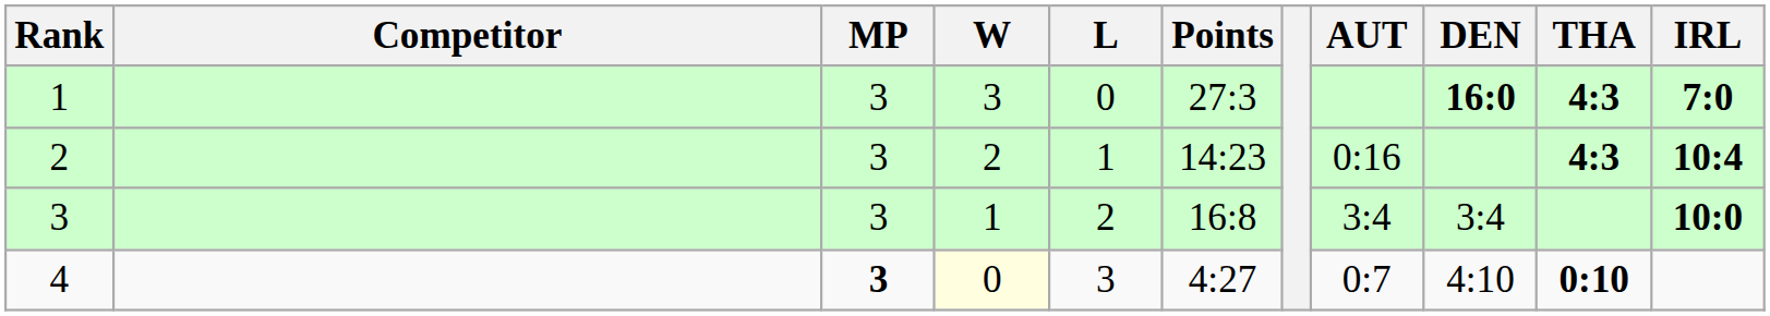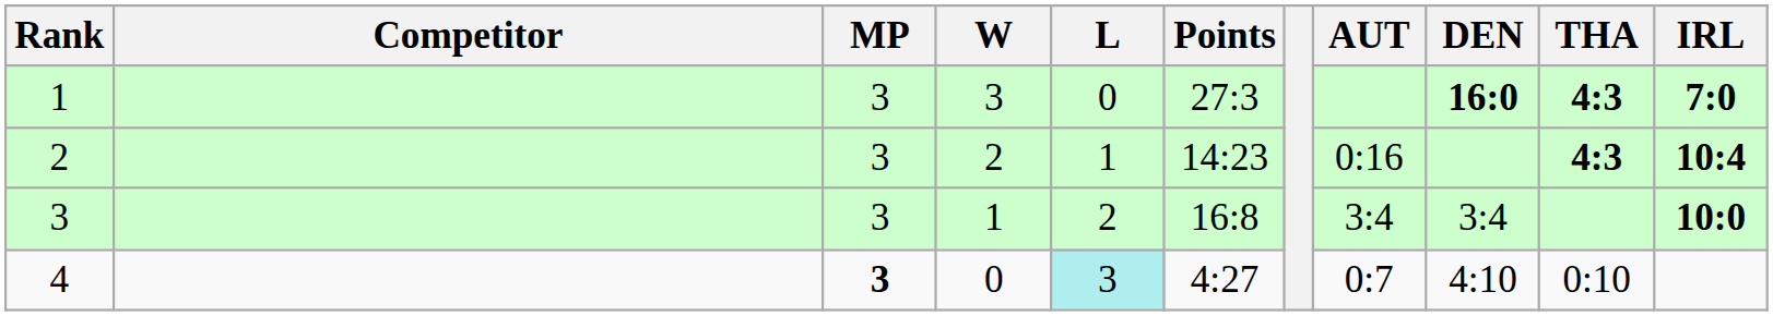 <table class="wikitable" style="text-align:center">
 <tr>
 <th>Rank</th>
 <th style="width:18em">Competitor</th>
 <th style="width:2.5em">MP</th>
 <th style="width:2.5em">W</th>
 <th style="width:2.5em">L</th>
 <th>Points</th>
 <th rowspan="5"> </th>
 <th style="width:2.5em">AUT</th>
 <th style="width:2.5em">DEN</th>
 <th style="width:2.5em">THA</th>
 <th style="width:2.5em">IRL</th>
 </tr>
 <tr style="background:#cfc;">
 <td>1</td>
 <td style="text-align:left"></td>
 <td>3</td>
 <td>3</td>
 <td>0</td>
 <td>27:3</td>
 <td></td>
 <td><strong>16:0</strong></td>
 <td><strong>4:3</strong></td>
 <td><strong>7:0</strong></td>
 </tr>
 <tr style="background:#cfc;">
 <td>2</td>
 <td style="text-align:left"></td>
 <td>3</td>
 <td>2</td>
 <td>1</td>
 <td>14:23</td>
 <td>0:16</td>
 <td></td>
 <td><strong>4:3</strong></td>
 <td><strong>10:4</strong></td>
 </tr>
 <tr style="background:#cfc;">
 <td>3</td>
 <td style="text-align:left"></td>
 <td>3</td>
 <td>1</td>
 <td>2</td>
 <td>16:8</td>
 <td>3:4</td>
 <td>3:4</td>
 <td></td>
 <td><strong>10:0</strong></td>
 </tr>
 <tr>
 <td>4</td>
 <td style="text-align:left"></td>
 <td><strong>3</strong></td>
-<td style="background: lightyellow;">0</td>
-<td>3</td>
+<td>0</td>
+<td style="background: paleturquoise;">3</td>
 <td>4:27</td>
 <td>0:7</td>
 <td>4:10</td>
-<td><strong>0:10</strong></td>
+<td>0:10</td>
 <td></td>
 </tr>
 </table>
